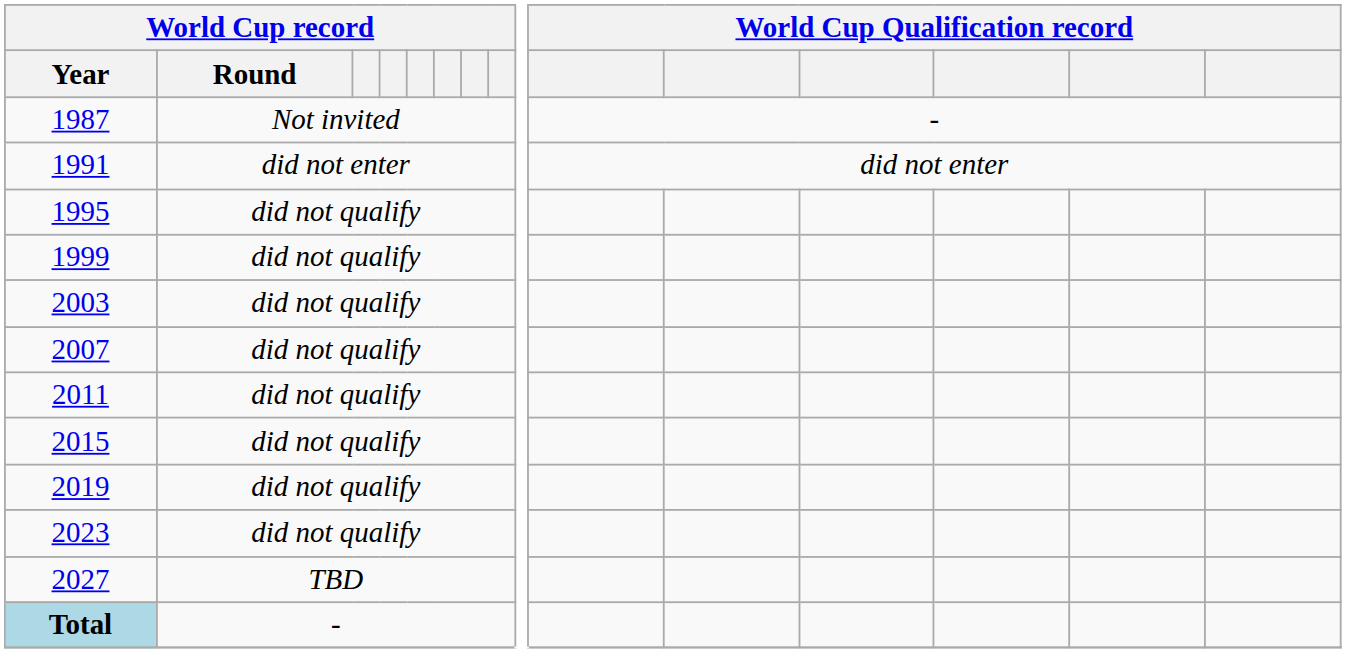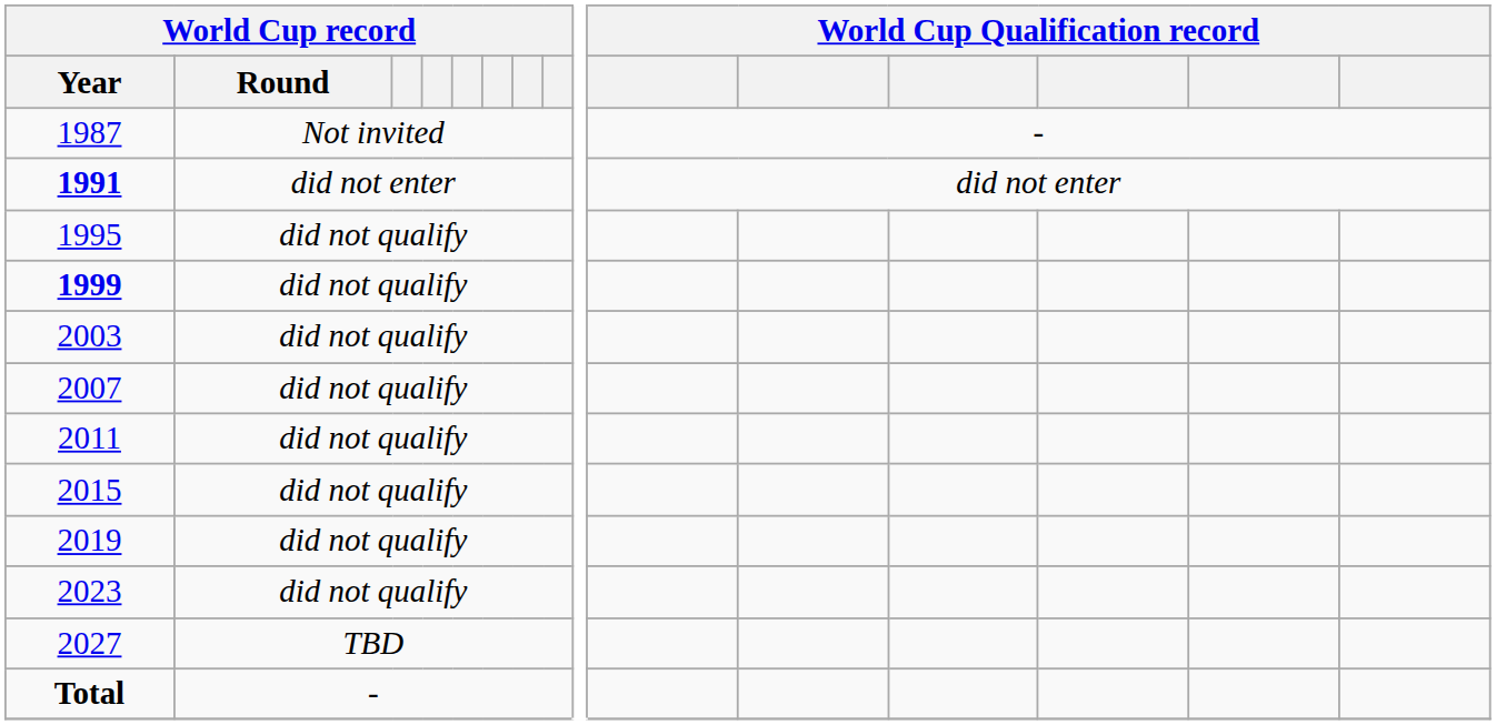 <table class="wikitable" style="text-align: center;">
 <tr>
 <th colspan=8><a href='#'>World Cup record</a></th>
 <th width=1% rowspan=25 style="background:#fff; border-color:#fff #aaa"></th>
 <th colspan=6><a href='#'>World Cup Qualification record</a></th>
 </tr>
 <tr>
 <th>Year</th>
 <th>Round</th>
 <th></th>
 <th></th>
 <th></th>
 <th></th>
 <th></th>
 <th></th>
 <th></th>
 <th></th>
 <th></th>
 <th></th>
 <th></th>
 <th></th>
 </tr>
 <tr>
 <td> <a href='#'>1987</a></td>
 <td colspan=7><em>Not invited</em></td>
 <td colspan=6><em>-</em></td>
 </tr>
 <tr>
-<td> <a href='#'>1991</a></td>
+<td><strong> <a href='#'>1991</a></strong></td>
 <td colspan=7><em>did not enter</em></td>
 <td colspan=6><em>did not enter</em></td>
 </tr>
 <tr>
 <td> <a href='#'>1995</a></td>
 <td colspan=7><em>did not qualify</em></td>
 <td></td>
 <td></td>
 <td></td>
 <td></td>
 <td></td>
 <td></td>
 </tr>
 <tr>
-<td> <a href='#'>1999</a></td>
+<td><strong> <a href='#'>1999</a></strong></td>
 <td colspan=7><em>did not qualify</em></td>
 <td></td>
 <td></td>
 <td></td>
 <td></td>
 <td></td>
 <td></td>
 </tr>
 <tr>
 <td> <a href='#'>2003</a></td>
 <td colspan=7><em>did not qualify</em></td>
 <td></td>
 <td></td>
 <td></td>
 <td></td>
 <td></td>
 <td></td>
 </tr>
 <tr>
 <td> <a href='#'>2007</a></td>
 <td colspan=7><em>did not qualify</em></td>
 <td></td>
 <td></td>
 <td></td>
 <td></td>
 <td></td>
 <td></td>
 </tr>
 <tr>
 <td> <a href='#'>2011</a></td>
 <td colspan=7><em>did not qualify</em></td>
 <td></td>
 <td></td>
 <td></td>
 <td></td>
 <td></td>
 <td></td>
 </tr>
 <tr>
 <td> <a href='#'>2015</a></td>
 <td colspan=7><em>did not qualify</em></td>
 <td></td>
 <td></td>
 <td></td>
 <td></td>
 <td></td>
 <td></td>
 </tr>
 <tr>
 <td> <a href='#'>2019</a></td>
 <td colspan=7><em>did not qualify</em></td>
 <td></td>
 <td></td>
 <td></td>
 <td></td>
 <td></td>
 <td></td>
 </tr>
 <tr>
 <td> <a href='#'>2023</a></td>
 <td colspan=7><em>did not qualify</em></td>
 <td></td>
 <td></td>
 <td></td>
 <td></td>
 <td></td>
 <td></td>
 </tr>
 <tr>
 <td> <a href='#'>2027</a></td>
 <td colspan=7><em>TBD</em></td>
 <td></td>
 <td></td>
 <td></td>
 <td></td>
 <td></td>
 <td></td>
 </tr>
 <tr>
-<td style="background: lightblue;"><strong>Total</strong></td>
+<td><strong>Total</strong></td>
 <td colspan=7><em>-</em></td>
 <td><strong> </strong></td>
 <td><strong> </strong></td>
 <td><strong> </strong></td>
 <td><strong> </strong></td>
 <td><strong> </strong></td>
 <td><strong> </strong></td>
 </tr>
 <tr>
 </tr>
 </table>
